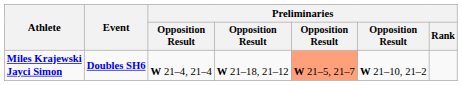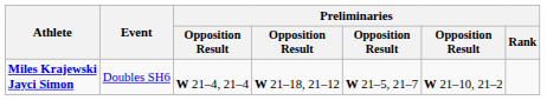 <table class=wikitable style="font-size:90%">
 <tr>
 <th rowspan="2">Athlete</th>
 <th rowspan="2">Event</th>
 <th colspan="5">Preliminaries</th>
 </tr>
 <tr style="font-size:95%">
 <th>Opposition<br>Result</th>
 <th>Opposition<br>Result</th>
 <th>Opposition<br>Result</th>
 <th>Opposition<br>Result</th>
 <th>Rank</th>
 </tr>
 <tr align=center>
 <td align=left><strong><a href='#'>Miles Krajewski</a><br><a href='#'>Jayci Simon</a></strong></td>
-<td align=left><strong><a href='#'>Doubles SH6</a></strong></td>
+<td align=left><a href='#'>Doubles SH6</a></td>
 <td><br><strong>W</strong> 21–4, 21–4</td>
 <td><br><strong>W</strong> 21–18, 21–12</td>
-<td style="background: lightsalmon;"><br><strong>W</strong> 21–5, 21–7</td>
+<td><br><strong>W</strong> 21–5, 21–7</td>
 <td><br><strong>W</strong> 21–10, 21–2</td>
 <td></td>
 </tr>
 </table>
